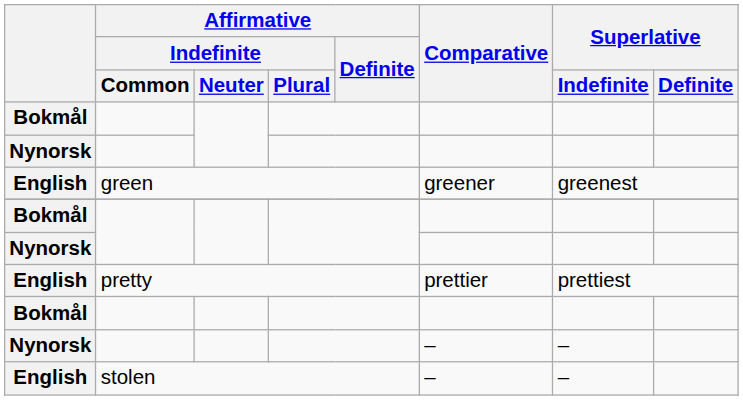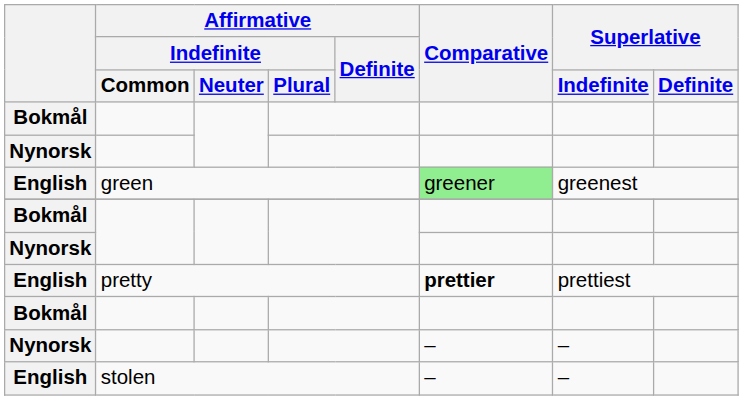 <table class="wikitable">
 <tr>
 <th rowspan="3"></th>
 <th colspan="4"><a href='#'>Affirmative</a></th>
 <th rowspan="3"><a href='#'>Comparative</a></th>
 <th colspan="2" rowspan="2"><a href='#'>Superlative</a></th>
 </tr>
 <tr>
 <th colspan="3"><a href='#'>Indefinite</a></th>
 <th rowspan="2"><a href='#'>Definite</a></th>
 </tr>
 <tr>
 <th>Common</th>
 <th><a href='#'>Neuter</a></th>
 <th><a href='#'>Plural</a></th>
 <th><a href='#'>Indefinite</a></th>
 <th><a href='#'>Definite</a></th>
 </tr>
 <tr>
 <th>Bokmål</th>
 <td></td>
 <td rowspan="2"></td>
 <td colspan="2"></td>
 <td></td>
 <td></td>
 <td></td>
 </tr>
 <tr>
 <th>Nynorsk</th>
 <td></td>
 <td colspan="2"></td>
 <td></td>
 <td></td>
 <td></td>
 </tr>
 <tr>
 <th>English</th>
 <td colspan="4">green</td>
-<td>greener</td>
+<td style="background: lightgreen;">greener</td>
 <td colspan="2">greenest</td>
 </tr>
 <tr>
 </tr>
 <tr>
 <th>Bokmål</th>
 <td rowspan="2"></td>
 <td rowspan="2"></td>
 <td colspan="2" rowspan="2"></td>
 <td></td>
 <td></td>
 <td></td>
 </tr>
 <tr>
 <th>Nynorsk</th>
 <td></td>
 <td></td>
 <td></td>
 </tr>
 <tr>
 <th>English</th>
 <td colspan="4">pretty</td>
-<td>prettier</td>
+<td><strong>prettier</strong></td>
 <td colspan="2">prettiest</td>
 </tr>
 <tr>
 <th>Bokmål</th>
 <td></td>
 <td></td>
 <td colspan="2"></td>
 <td></td>
 <td></td>
 <td></td>
 </tr>
 <tr>
 <th>Nynorsk</th>
 <td></td>
 <td></td>
 <td colspan="2"></td>
 <td>–</td>
 <td>–</td>
 <td></td>
 </tr>
 <tr>
 <th>English</th>
 <td colspan="4">stolen</td>
 <td>–</td>
 <td>–</td>
 <td></td>
 </tr>
 </table>
